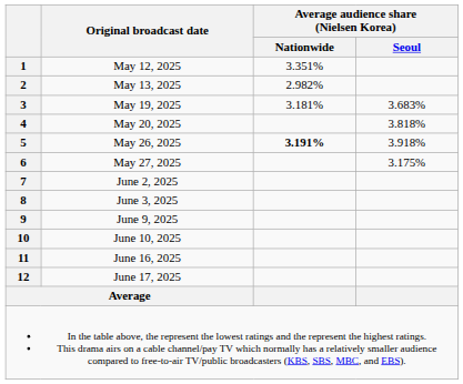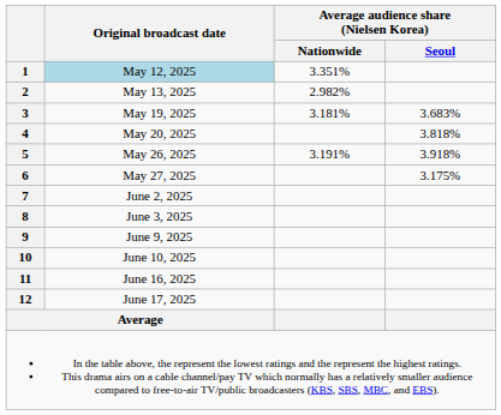 <table class="wikitable" style="margin-left:auto; margin-right:auto; width:600px; text-align:center">
 <tr>
 <th scope="col" rowspan="2"></th>
 <th scope="col" rowspan="2">Original broadcast date</th>
 <th scope="col" colspan="2">Average audience share<br>(Nielsen Korea)</th>
 </tr>
 <tr>
 <th scope="col" style="width:8em">Nationwide</th>
 <th scope="col" style="width:8em"><a href='#'>Seoul</a></th>
 </tr>
 <tr>
 <th scope="row">1</th>
-<td>May 12, 2025</td>
+<td style="background: lightblue;">May 12, 2025</td>
 <td>3.351% </td>
 <td><strong></strong> </td>
 </tr>
 <tr>
 <th scope="row">2</th>
 <td>May 13, 2025</td>
 <td>2.982% </td>
 <td><strong></strong> </td>
 </tr>
 <tr>
 <th scope="row">3</th>
 <td>May 19, 2025</td>
 <td>3.181% </td>
 <td>3.683% </td>
 </tr>
 <tr>
 <th scope="row">4</th>
 <td>May 20, 2025</td>
 <td><strong></strong> </td>
 <td>3.818% </td>
 </tr>
 <tr>
 <th scope="row">5</th>
 <td>May 26, 2025</td>
-<td><strong>3.191% </strong></td>
+<td>3.191% </td>
 <td>3.918% </td>
 </tr>
 <tr>
 <th scope="row">6</th>
 <td>May 27, 2025</td>
 <td><strong></strong> </td>
 <td>3.175% </td>
 </tr>
 <tr>
 <th scope="row">7</th>
 <td>June 2, 2025</td>
 <td></td>
 <td></td>
 </tr>
 <tr>
 <th scope="row">8</th>
 <td>June 3, 2025</td>
 <td></td>
 <td></td>
 </tr>
 <tr>
 <th scope="row">9</th>
 <td>June 9, 2025</td>
 <td></td>
 <td></td>
 </tr>
 <tr>
 <th scope="row">10</th>
 <td>June 10, 2025</td>
 <td></td>
 <td></td>
 </tr>
 <tr>
 <th scope="row">11</th>
 <td>June 16, 2025</td>
 <td></td>
 <td></td>
 </tr>
 <tr>
 <th scope="row">12</th>
 <td>June 17, 2025</td>
 <td></td>
 <td></td>
 </tr>
 <tr>
 <th scope="col" colspan="2">Average</th>
 <th scope="col"></th>
 <th scope="col"></th>
 </tr>
 <tr>
 <td colspan="4" style="font-size:85%"><br><ul><li>In the table above, the <strong></strong> represent the lowest ratings and the <strong></strong> represent the highest ratings.</li><li>This drama airs on a cable channel/pay TV which normally has a relatively smaller audience compared to free-to-air TV/public broadcasters (<a href='#'>KBS</a>, <a href='#'>SBS</a>, <a href='#'>MBC</a>, and <a href='#'>EBS</a>).</li></ul></td>
 </tr>
 </table>
